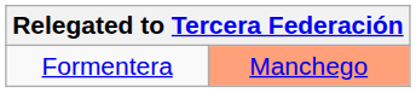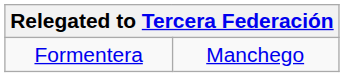 <table class="wikitable" style="text-align: center; margin: 0 auto;">
 <tr>
 <th colspan="2">Relegated to <a href='#'>Tercera Federación</a></th>
 </tr>
 <tr>
 <td width=50%><a href='#'>Formentera</a></td>
-<td width=50% style="background: lightsalmon;"><a href='#'>Manchego</a></td>
+<td width=50%><a href='#'>Manchego</a></td>
 </tr>
 </table>
